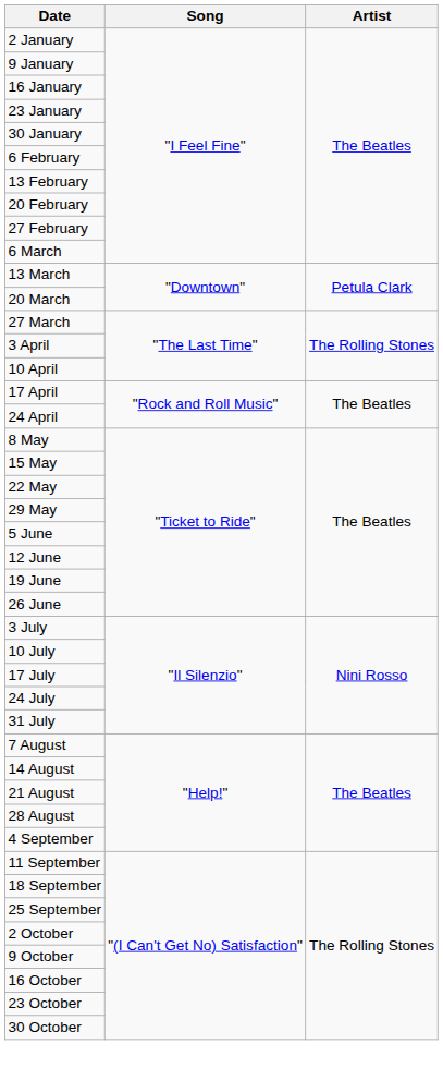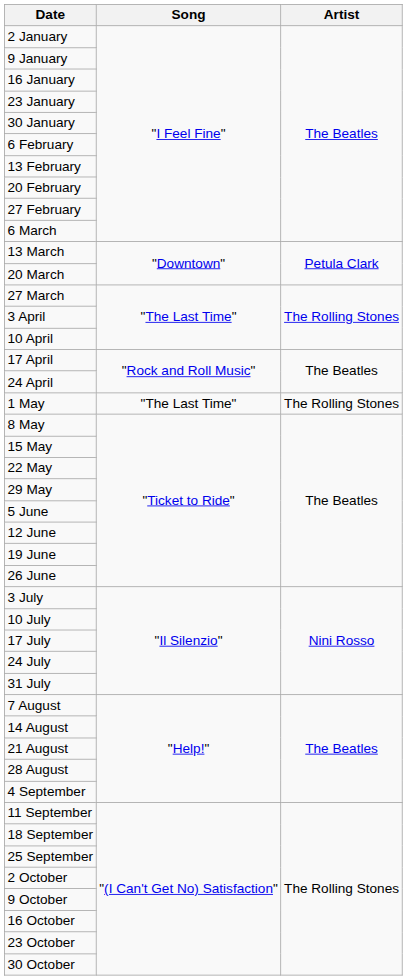 <table class="wikitable">
 <tr>
 <th>Date</th>
 <th>Song</th>
 <th>Artist</th>
 </tr>
 <tr>
 <td>2 January</td>
 <td rowspan="10" align="center">"<a href='#'>I Feel Fine</a>"</td>
 <td rowspan="10" align="center"><a href='#'>The Beatles</a></td>
 </tr>
 <tr>
 <td>9 January</td>
 </tr>
 <tr>
 <td>16 January</td>
 </tr>
 <tr>
 <td>23 January</td>
 </tr>
 <tr>
 <td>30 January</td>
 </tr>
 <tr>
 <td>6 February</td>
 </tr>
 <tr>
 <td>13 February</td>
 </tr>
 <tr>
 <td>20 February</td>
 </tr>
 <tr>
 <td>27 February</td>
 </tr>
 <tr>
 <td>6 March</td>
 </tr>
 <tr>
 <td>13 March</td>
 <td rowspan="2" align="center">"<a href='#'>Downtown</a>"</td>
 <td rowspan="2" align="center"><a href='#'>Petula Clark</a></td>
 </tr>
 <tr>
 <td>20 March</td>
 </tr>
 <tr>
 <td>27 March</td>
 <td rowspan="3" align="center">"<a href='#'>The Last Time</a>"</td>
 <td rowspan="3" align="center"><a href='#'>The Rolling Stones</a></td>
 </tr>
 <tr>
 <td>3 April</td>
 </tr>
 <tr>
 <td>10 April</td>
 </tr>
 <tr>
 <td>17 April</td>
 <td rowspan="2" align="center">"<a href='#'>Rock and Roll Music</a>"</td>
 <td rowspan="2" align="center">The Beatles</td>
 </tr>
 <tr>
 <td>24 April</td>
+</tr>
+<tr>
+<td>1 May</td>
+<td rowspan="1" align="center">"The Last Time"</td>
+<td rowspan="1" align="center">The Rolling Stones</td>
 </tr>
 <tr>
 <td>8 May</td>
 <td rowspan="8" align="center">"<a href='#'>Ticket to Ride</a>"</td>
 <td rowspan="8" align="center">The Beatles</td>
 </tr>
 <tr>
 <td>15 May</td>
 </tr>
 <tr>
 <td>22 May</td>
 </tr>
 <tr>
 <td>29 May</td>
 </tr>
 <tr>
 <td>5 June</td>
 </tr>
 <tr>
 <td>12 June</td>
 </tr>
 <tr>
 <td>19 June</td>
 </tr>
 <tr>
 <td>26 June</td>
 </tr>
 <tr>
 <td>3 July</td>
 <td rowspan="5" align="center">"<a href='#'>Il Silenzio</a>"</td>
 <td rowspan="5" align="center"><a href='#'>Nini Rosso</a></td>
 </tr>
 <tr>
 <td>10 July</td>
 </tr>
 <tr>
 <td>17 July</td>
 </tr>
 <tr>
 <td>24 July</td>
 </tr>
 <tr>
 <td>31 July</td>
 </tr>
 <tr>
 <td>7 August</td>
 <td rowspan="5" align="center">"<a href='#'>Help!</a>"</td>
 <td rowspan="5" align="center"><a href='#'>The Beatles</a></td>
 </tr>
 <tr>
 <td>14 August</td>
 </tr>
 <tr>
 <td>21 August</td>
 </tr>
 <tr>
 <td>28 August</td>
 </tr>
 <tr>
 <td>4 September</td>
 </tr>
 <tr>
 <td>11 September</td>
 <td rowspan="8" align="center">"<a href='#'>(I Can't Get No) Satisfaction</a>"</td>
 <td rowspan="8" align="center">The Rolling Stones</td>
 </tr>
 <tr>
 <td>18 September</td>
 </tr>
 <tr>
 <td>25 September</td>
 </tr>
 <tr>
 <td>2 October</td>
 </tr>
 <tr>
 <td>9 October</td>
 </tr>
 <tr>
 <td>16 October</td>
 </tr>
 <tr>
 <td>23 October</td>
 </tr>
 <tr>
 <td>30 October</td>
 </tr>
 </table>
